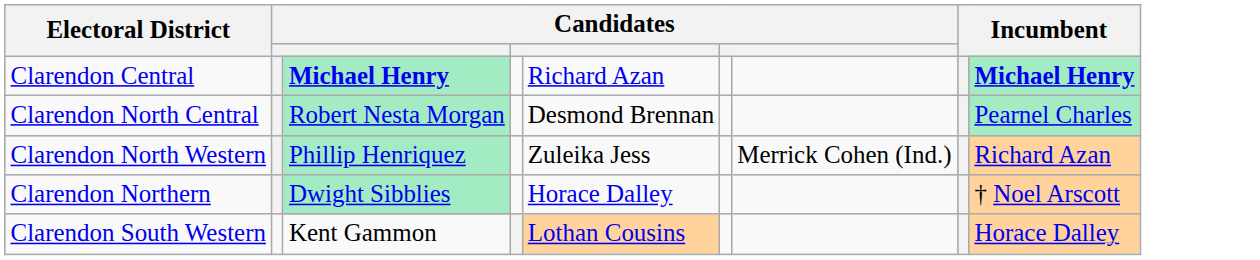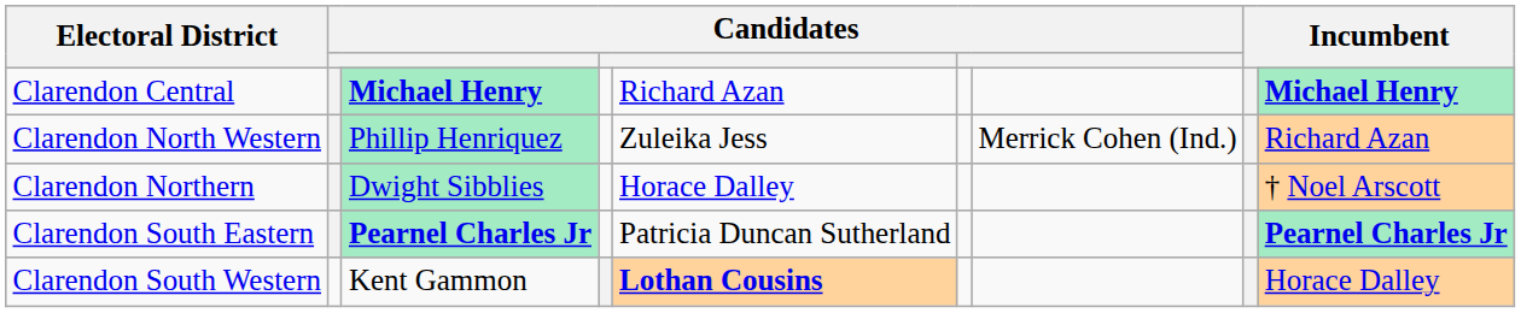 <table class="wikitable">
 <tr>
 <th rowspan="2">Electoral District</th>
 <th colspan="6">Candidates</th>
 <th colspan="2" rowspan="2">Incumbent</th>
 </tr>
 <tr>
 <th colspan="2" style="background:"><a href='#'></a></th>
 <th colspan="2" style="background:"><a href='#'></a></th>
 <th colspan="2" style="background:"></th>
 </tr>
 <tr>
 <td><a href='#'>Clarendon Central</a></td>
 <th style="background:"></th>
 <td style="background:#a3ebc3"><a href='#'><strong>Michael Henry</strong></a></td>
 <td></td>
 <td><a href='#'>Richard Azan</a></td>
 <td></td>
 <td></td>
 <th style="background:"></th>
 <td style="background:#a3ebc3"><a href='#'><strong>Michael Henry</strong></a></td>
-</tr>
-<tr>
-<td><a href='#'>Clarendon North Central</a></td>
-<th style="background:"></th>
-<td style="background:#a3ebc3"><a href='#'>Robert Nesta Morgan</a></td>
-<td></td>
-<td>Desmond Brennan</td>
-<td></td>
-<td></td>
-<th style="background:"></th>
-<td style="background:#a3ebc3"><a href='#'>Pearnel Charles</a></td>
 </tr>
 <tr>
 <td><a href='#'>Clarendon North Western</a></td>
 <th style="background:"></th>
 <td style="background:#a3ebc3"><a href='#'>Phillip Henriquez</a></td>
 <td></td>
 <td>Zuleika Jess</td>
 <td></td>
 <td>Merrick Cohen (Ind.)</td>
 <th style="background:"></th>
 <td style="background:#FFD39B"><a href='#'>Richard Azan</a></td>
 </tr>
 <tr>
 <td><a href='#'>Clarendon Northern</a></td>
 <th style="background:"></th>
 <td style="background:#a3ebc3"><a href='#'>Dwight Sibblies</a></td>
 <td></td>
 <td><a href='#'>Horace Dalley</a></td>
 <td></td>
 <td></td>
 <th style="background:"></th>
 <td style="background:#FFD39B">† <a href='#'>Noel Arscott</a></td>
 </tr>
 <tr>
+<td><a href='#'>Clarendon South Eastern</a></td>
+<th style="background:"></th>
+<td style="background:#a3ebc3"><strong><a href='#'>Pearnel Charles Jr</a></strong></td>
+<td></td>
+<td>Patricia Duncan Sutherland</td>
+<td></td>
+<td></td>
+<th style="background:"></th>
+<td style="background:#a3ebc3"><strong><a href='#'>Pearnel Charles Jr</a></strong></td>
+</tr>
+<tr>
 <td><a href='#'>Clarendon South Western</a></td>
 <td></td>
 <td>Kent Gammon</td>
 <th style="background:"></th>
-<td style="background:#FFD39B"><a href='#'>Lothan Cousins</a></td>
+<td style="background:#FFD39B"><strong><a href='#'>Lothan Cousins</a></strong></td>
 <td></td>
 <td></td>
 <th style="background:"></th>
 <td style="background:#FFD39B"><a href='#'>Horace Dalley</a></td>
 </tr>
 </table>
